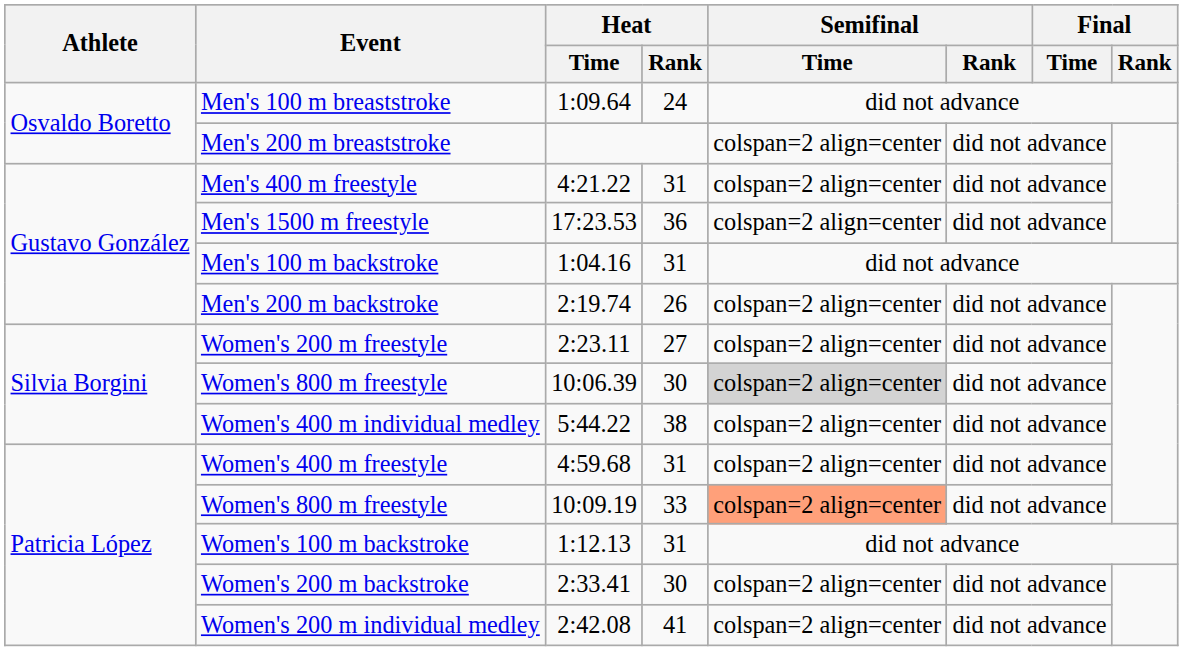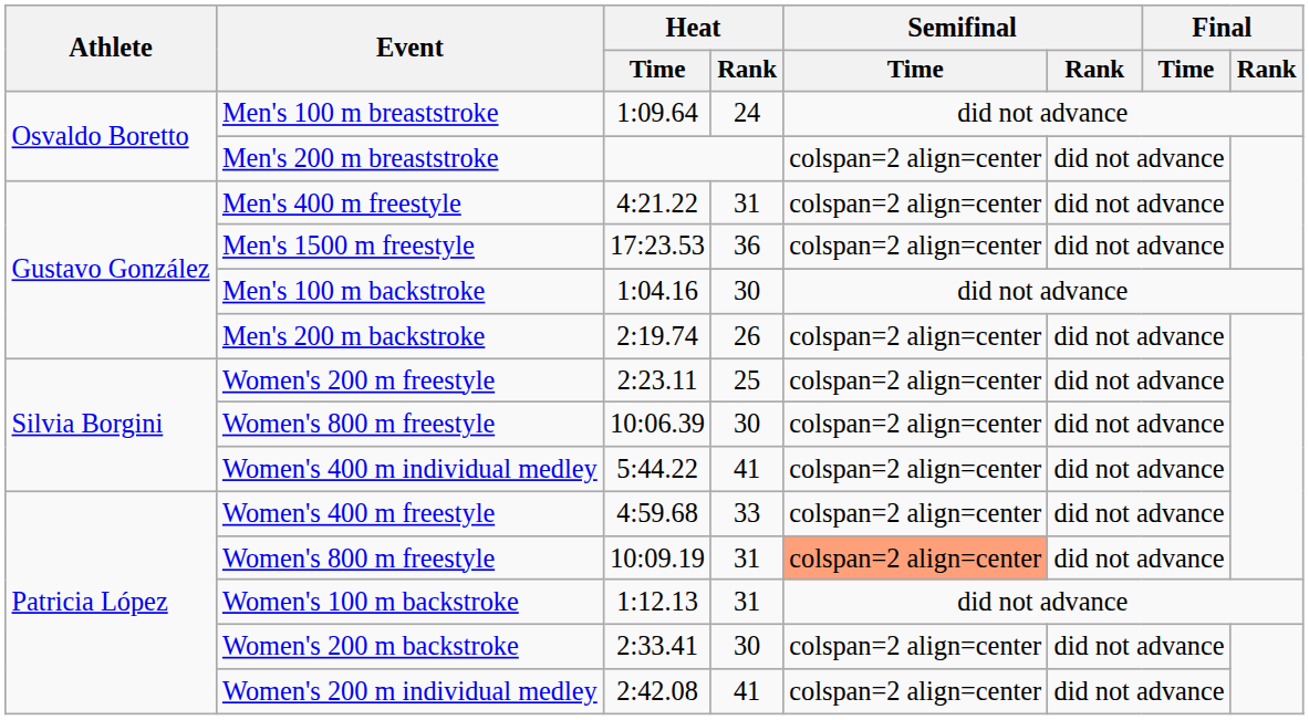 <table class=wikitable style="font-size:90%">
 <tr>
 <th rowspan="2">Athlete</th>
 <th rowspan="2">Event</th>
 <th colspan="2">Heat</th>
 <th colspan="2">Semifinal</th>
 <th colspan="2">Final</th>
 </tr>
 <tr style="font-size:95%">
 <th>Time</th>
 <th>Rank</th>
 <th>Time</th>
 <th>Rank</th>
 <th>Time</th>
 <th>Rank</th>
 </tr>
 <tr>
 <td rowspan="2"><a href='#'>Osvaldo Boretto</a></td>
 <td><a href='#'>Men's 100 m breaststroke</a></td>
 <td align="center">1:09.64</td>
 <td align="center">24</td>
 <td align="center" colspan=4>did not advance</td>
 </tr>
 <tr>
 <td><a href='#'>Men's 200 m breaststroke</a></td>
 <td align="center" colspan=2></td>
 <td>colspan=2 align=center </td>
 <td align=center colspan=2>did not advance</td>
 </tr>
 <tr>
 <td rowspan="4"><a href='#'>Gustavo González</a></td>
 <td><a href='#'>Men's 400 m freestyle</a></td>
 <td align="center">4:21.22</td>
 <td align="center">31</td>
 <td>colspan=2 align=center </td>
 <td align="center" colspan=2>did not advance</td>
 </tr>
 <tr>
 <td><a href='#'>Men's 1500 m freestyle</a></td>
 <td align="center">17:23.53</td>
 <td align="center">36</td>
 <td>colspan=2 align=center </td>
 <td align="center" colspan=2>did not advance</td>
 </tr>
 <tr>
 <td><a href='#'>Men's 100 m backstroke</a></td>
 <td align="center">1:04.16</td>
-<td align="center">31</td>
+<td align="center">30</td>
 <td align="center" colspan=4>did not advance</td>
 </tr>
 <tr>
 <td><a href='#'>Men's 200 m backstroke</a></td>
 <td align="center">2:19.74</td>
 <td align="center">26</td>
 <td>colspan=2 align=center </td>
 <td align="center" colspan=2>did not advance</td>
 </tr>
 <tr>
 <td rowspan="3"><a href='#'>Silvia Borgini</a></td>
 <td><a href='#'>Women's 200 m freestyle</a></td>
 <td align="center">2:23.11</td>
-<td align="center">27</td>
+<td align="center">25</td>
 <td>colspan=2 align=center </td>
 <td align="center" colspan=2>did not advance</td>
 </tr>
 <tr>
 <td><a href='#'>Women's 800 m freestyle</a></td>
 <td align="center">10:06.39</td>
 <td align="center">30</td>
-<td style="background: lightgrey;">colspan=2 align=center </td>
+<td>colspan=2 align=center </td>
 <td align="center" colspan=2>did not advance</td>
 </tr>
 <tr>
 <td><a href='#'>Women's 400 m individual medley</a></td>
 <td align="center">5:44.22</td>
-<td align="center">38</td>
+<td align="center">41</td>
 <td>colspan=2 align=center </td>
 <td align="center" colspan=2>did not advance</td>
 </tr>
 <tr>
 <td rowspan="5"><a href='#'>Patricia López</a></td>
 <td><a href='#'>Women's 400 m freestyle</a></td>
 <td align="center">4:59.68</td>
-<td align="center">31</td>
+<td align="center">33</td>
 <td>colspan=2 align=center </td>
 <td align="center" colspan=2>did not advance</td>
 </tr>
 <tr>
 <td><a href='#'>Women's 800 m freestyle</a></td>
 <td align="center">10:09.19</td>
-<td align="center">33</td>
+<td align="center">31</td>
 <td style="background: lightsalmon;">colspan=2 align=center </td>
 <td align="center" colspan=2>did not advance</td>
 </tr>
 <tr>
 <td><a href='#'>Women's 100 m backstroke</a></td>
 <td align="center">1:12.13</td>
 <td align="center">31</td>
 <td align="center" colspan=4>did not advance</td>
 </tr>
 <tr>
 <td><a href='#'>Women's 200 m backstroke</a></td>
 <td align="center">2:33.41</td>
 <td align="center">30</td>
 <td>colspan=2 align=center </td>
 <td align="center" colspan=2>did not advance</td>
 </tr>
 <tr>
 <td><a href='#'>Women's 200 m individual medley</a></td>
 <td align="center">2:42.08</td>
 <td align="center">41</td>
 <td>colspan=2 align=center </td>
 <td align="center" colspan=2>did not advance</td>
 </tr>
 </table>
